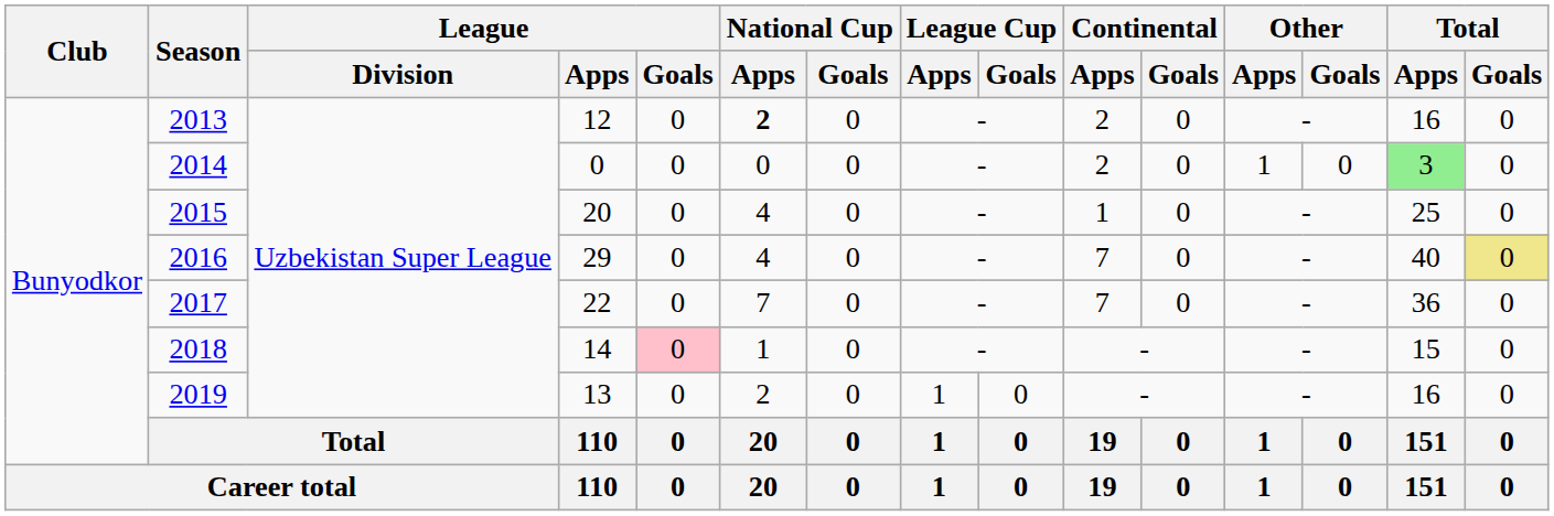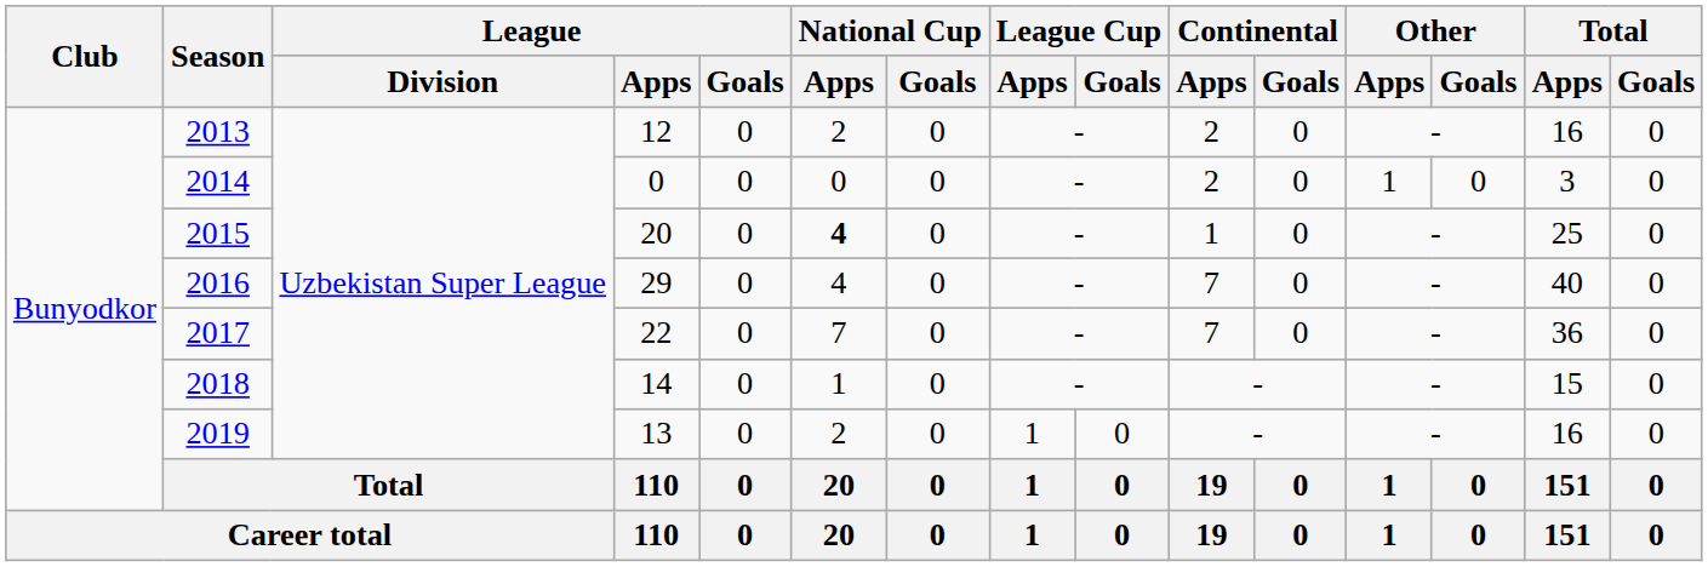 <table class="wikitable" style="text-align:center">
 <tr>
 <th rowspan="2">Club</th>
 <th rowspan="2">Season</th>
 <th colspan="3">League</th>
 <th colspan="2">National Cup</th>
 <th colspan="2">League Cup</th>
 <th colspan="2">Continental</th>
 <th colspan="2">Other</th>
 <th colspan="2">Total</th>
 </tr>
 <tr>
 <th>Division</th>
 <th>Apps</th>
 <th>Goals</th>
 <th>Apps</th>
 <th>Goals</th>
 <th>Apps</th>
 <th>Goals</th>
 <th>Apps</th>
 <th>Goals</th>
 <th>Apps</th>
 <th>Goals</th>
 <th>Apps</th>
 <th>Goals</th>
 </tr>
 <tr>
 <td rowspan="8"><a href='#'>Bunyodkor</a></td>
 <td><a href='#'>2013</a></td>
 <td rowspan="7"><a href='#'>Uzbekistan Super League</a></td>
 <td>12</td>
 <td>0</td>
-<td><strong>2</strong></td>
+<td>2</td>
 <td>0</td>
 <td colspan="2">-</td>
 <td>2</td>
 <td>0</td>
 <td colspan="2">-</td>
 <td>16</td>
 <td>0</td>
 </tr>
 <tr>
 <td><a href='#'>2014</a></td>
 <td>0</td>
 <td>0</td>
 <td>0</td>
 <td>0</td>
 <td colspan="2">-</td>
 <td>2</td>
 <td>0</td>
 <td>1</td>
 <td>0</td>
-<td style="background: lightgreen;">3</td>
+<td>3</td>
 <td>0</td>
 </tr>
 <tr>
 <td><a href='#'>2015</a></td>
 <td>20</td>
 <td>0</td>
-<td>4</td>
+<td><strong>4</strong></td>
 <td>0</td>
 <td colspan="2">-</td>
 <td>1</td>
 <td>0</td>
 <td colspan="2">-</td>
 <td>25</td>
 <td>0</td>
 </tr>
 <tr>
 <td><a href='#'>2016</a></td>
 <td>29</td>
 <td>0</td>
 <td>4</td>
 <td>0</td>
 <td colspan="2">-</td>
 <td>7</td>
 <td>0</td>
 <td colspan="2">-</td>
 <td>40</td>
-<td style="background: khaki;">0</td>
+<td>0</td>
 </tr>
 <tr>
 <td><a href='#'>2017</a></td>
 <td>22</td>
 <td>0</td>
 <td>7</td>
 <td>0</td>
 <td colspan="2">-</td>
 <td>7</td>
 <td>0</td>
 <td colspan="2">-</td>
 <td>36</td>
 <td>0</td>
 </tr>
 <tr>
 <td><a href='#'>2018</a></td>
 <td>14</td>
-<td style="background: pink;">0</td>
+<td>0</td>
 <td>1</td>
 <td>0</td>
 <td colspan="2">-</td>
 <td colspan="2">-</td>
 <td colspan="2">-</td>
 <td>15</td>
 <td>0</td>
 </tr>
 <tr>
 <td><a href='#'>2019</a></td>
 <td>13</td>
 <td>0</td>
 <td>2</td>
 <td>0</td>
 <td>1</td>
 <td>0</td>
 <td colspan="2">-</td>
 <td colspan="2">-</td>
 <td>16</td>
 <td>0</td>
 </tr>
 <tr>
 <th colspan="2">Total</th>
 <th>110</th>
 <th>0</th>
 <th>20</th>
 <th>0</th>
 <th>1</th>
 <th>0</th>
 <th>19</th>
 <th>0</th>
 <th>1</th>
 <th>0</th>
 <th>151</th>
 <th>0</th>
 </tr>
 <tr>
 <th colspan="3">Career total</th>
 <th>110</th>
 <th>0</th>
 <th>20</th>
 <th>0</th>
 <th>1</th>
 <th>0</th>
 <th>19</th>
 <th>0</th>
 <th>1</th>
 <th>0</th>
 <th>151</th>
 <th>0</th>
 </tr>
 </table>
